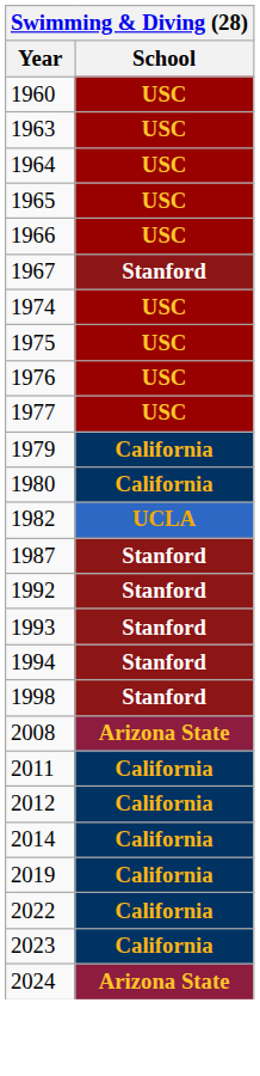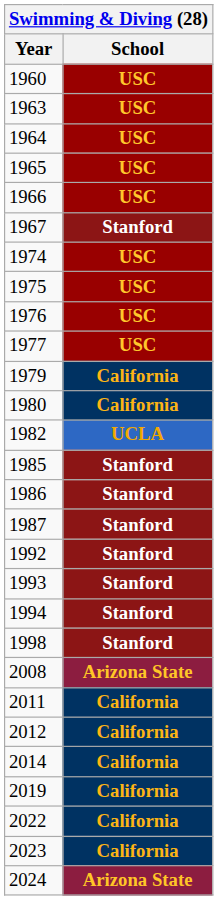 <table class="wikitable">
 <tr>
 <th colspan=2><a href='#'>Swimming & Diving</a> (28)</th>
 </tr>
 <tr>
 <th>Year</th>
 <th>School</th>
 </tr>
 <tr>
 <td>1960</td>
 <th style="background:#990000; color:#FFC72C;">USC</th>
 </tr>
 <tr>
 <td>1963</td>
 <th style="background:#990000; color:#FFC72C;">USC</th>
 </tr>
 <tr>
 <td>1964</td>
 <th style="background:#990000; color:#FFC72C;">USC</th>
 </tr>
 <tr>
 <td>1965</td>
 <th style="background:#990000; color:#FFC72C;">USC</th>
 </tr>
 <tr>
 <td>1966</td>
 <th style="background:#990000; color:#FFC72C;">USC</th>
 </tr>
 <tr>
 <td>1967</td>
 <th style="background:#8C1515; color:#FFFFFF;">Stanford</th>
 </tr>
 <tr>
 <td>1974</td>
 <th style="background:#990000; color:#FFC72C;">USC</th>
 </tr>
 <tr>
 <td>1975</td>
 <th style="background:#990000; color:#FFC72C;">USC</th>
 </tr>
 <tr>
 <td>1976</td>
 <th style="background:#990000; color:#FFC72C;">USC</th>
 </tr>
 <tr>
 <td>1977</td>
 <th style="background:#990000; color:#FFC72C;">USC</th>
 </tr>
 <tr>
 <td>1979</td>
 <th style="background:#003262; color:#FDB515;">California</th>
 </tr>
 <tr>
 <td>1980</td>
 <th style="background:#003262; color:#FDB515;">California</th>
 </tr>
 <tr>
 <td>1982</td>
 <th style="background:#2D68C4; color:#F2A900;">UCLA</th>
 </tr>
 <tr>
+<td>1985</td>
+<th style="background:#8C1515; color:#FFFFFF;">Stanford</th>
+</tr>
+<tr>
+<td>1986</td>
+<th style="background:#8C1515; color:#FFFFFF;">Stanford</th>
+</tr>
+<tr>
 <td>1987</td>
 <th style="background:#8C1515; color:#FFFFFF;">Stanford</th>
 </tr>
 <tr>
 <td>1992</td>
 <th style="background:#8C1515; color:#FFFFFF;">Stanford</th>
 </tr>
 <tr>
 <td>1993</td>
 <th style="background:#8C1515; color:#FFFFFF;">Stanford</th>
 </tr>
 <tr>
 <td>1994</td>
 <th style="background:#8C1515; color:#FFFFFF;">Stanford</th>
 </tr>
 <tr>
 <td>1998</td>
 <th style="background:#8C1515; color:#FFFFFF;">Stanford</th>
 </tr>
 <tr>
 <td>2008</td>
 <th style="background:#8C1D40; color:#FFC627;">Arizona State</th>
 </tr>
 <tr>
 <td>2011</td>
 <th style="background:#003262; color:#FDB515;">California</th>
 </tr>
 <tr>
 <td>2012</td>
 <th style="background:#003262; color:#FDB515;">California</th>
 </tr>
 <tr>
 <td>2014</td>
 <th style="background:#003262; color:#FDB515;">California</th>
 </tr>
 <tr>
 <td>2019</td>
 <th style="background:#003262; color:#FDB515;">California</th>
 </tr>
 <tr>
 <td>2022</td>
 <th style="background:#003262; color:#FDB515;">California</th>
 </tr>
 <tr>
 <td>2023</td>
 <th style="background:#003262; color:#FDB515;">California</th>
 </tr>
 <tr>
 <td>2024</td>
 <th style="background:#8C1D40; color:#FFC627;">Arizona State</th>
 </tr>
 </table>
